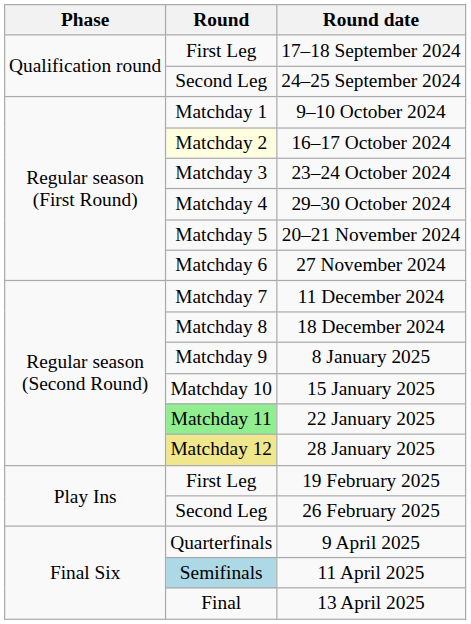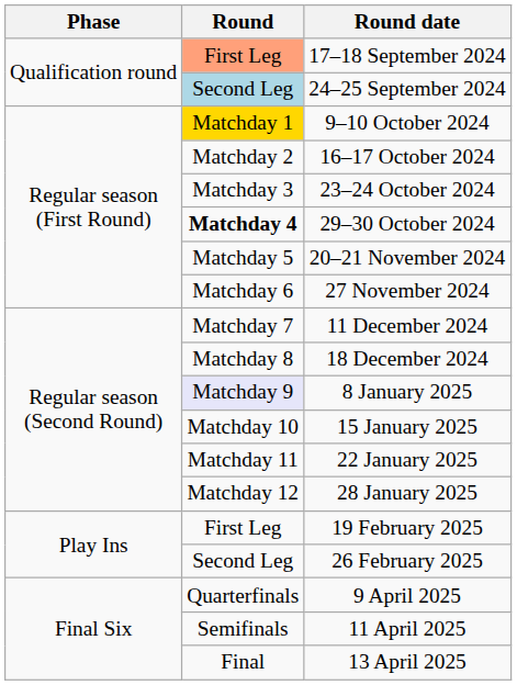 <table class="wikitable" style="text-align:center">
 <tr>
 <th>Phase</th>
 <th>Round</th>
 <th>Round date</th>
 </tr>
 <tr>
 <td rowspan=2>Qualification round</td>
-<td>First Leg</td>
+<td style="background: lightsalmon;">First Leg</td>
 <td>17–18 September 2024</td>
 </tr>
 <tr>
-<td>Second Leg</td>
+<td style="background: lightblue;">Second Leg</td>
 <td>24–25 September 2024</td>
 </tr>
 <tr>
 <td rowspan=6>Regular season<br>(First Round)</td>
-<td>Matchday 1</td>
+<td style="background: gold;">Matchday 1</td>
 <td>9–10 October 2024</td>
 </tr>
 <tr>
-<td style="background: lightyellow;">Matchday 2</td>
+<td>Matchday 2</td>
 <td>16–17 October 2024</td>
 </tr>
 <tr>
 <td>Matchday 3</td>
 <td>23–24 October 2024</td>
 </tr>
 <tr>
-<td>Matchday 4</td>
+<td><strong>Matchday 4</strong></td>
 <td>29–30 October 2024</td>
 </tr>
 <tr>
 <td>Matchday 5</td>
 <td>20–21 November 2024</td>
 </tr>
 <tr>
 <td>Matchday 6</td>
 <td>27 November 2024</td>
 </tr>
 <tr>
 <td rowspan=6>Regular season<br>(Second Round)</td>
 <td>Matchday 7</td>
 <td>11 December 2024</td>
 </tr>
 <tr>
 <td>Matchday 8</td>
 <td>18 December 2024</td>
 </tr>
 <tr>
-<td>Matchday 9</td>
+<td style="background: lavender;">Matchday 9</td>
 <td>8 January 2025</td>
 </tr>
 <tr>
 <td>Matchday 10</td>
 <td>15 January 2025</td>
 </tr>
 <tr>
-<td style="background: lightgreen;">Matchday 11</td>
+<td>Matchday 11</td>
 <td>22 January 2025</td>
 </tr>
 <tr>
-<td style="background: khaki;">Matchday 12</td>
+<td>Matchday 12</td>
 <td>28 January 2025</td>
 </tr>
 <tr>
 <td rowspan=2>Play Ins</td>
 <td>First Leg</td>
 <td>19 February 2025</td>
 </tr>
 <tr>
 <td>Second Leg</td>
 <td>26 February 2025</td>
 </tr>
 <tr>
 <td rowspan=3>Final Six</td>
 <td>Quarterfinals</td>
 <td>9 April 2025</td>
 </tr>
 <tr>
-<td style="background: lightblue;">Semifinals</td>
+<td>Semifinals</td>
 <td>11 April 2025</td>
 </tr>
 <tr>
 <td>Final</td>
 <td>13 April 2025</td>
 </tr>
 </table>
